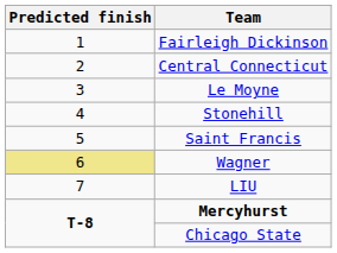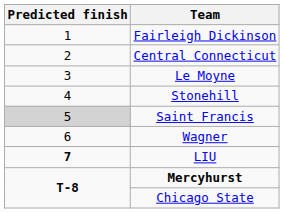 <table class="wikitable" border="1">
 <tr align=center>
 <th style= >Predicted finish</th>
 <th style= >Team</th>
 </tr>
 <tr align="center">
 <td>1</td>
 <td><a href='#'>Fairleigh Dickinson</a></td>
 </tr>
 <tr align="center">
 <td>2</td>
 <td><a href='#'>Central Connecticut</a></td>
 </tr>
 <tr align="center">
 <td>3</td>
 <td><a href='#'>Le Moyne</a></td>
 </tr>
 <tr align="center">
 <td>4</td>
 <td><a href='#'>Stonehill</a></td>
 </tr>
 <tr align="center">
-<td>5</td>
+<td style="background: lightgrey;">5</td>
 <td><a href='#'>Saint Francis</a></td>
 </tr>
 <tr align="center">
-<td style="background: khaki;">6</td>
+<td>6</td>
 <td><a href='#'>Wagner</a></td>
 </tr>
 <tr align="center">
-<td>7</td>
+<td><strong>7</strong></td>
 <td><a href='#'>LIU</a></td>
 </tr>
 <tr align="center">
 <td rowspan=2><strong>T-8</strong></td>
 <td><strong>Mercyhurst</strong></td>
 </tr>
 <tr align="center">
 <td><a href='#'>Chicago State</a></td>
 </tr>
 </table>
